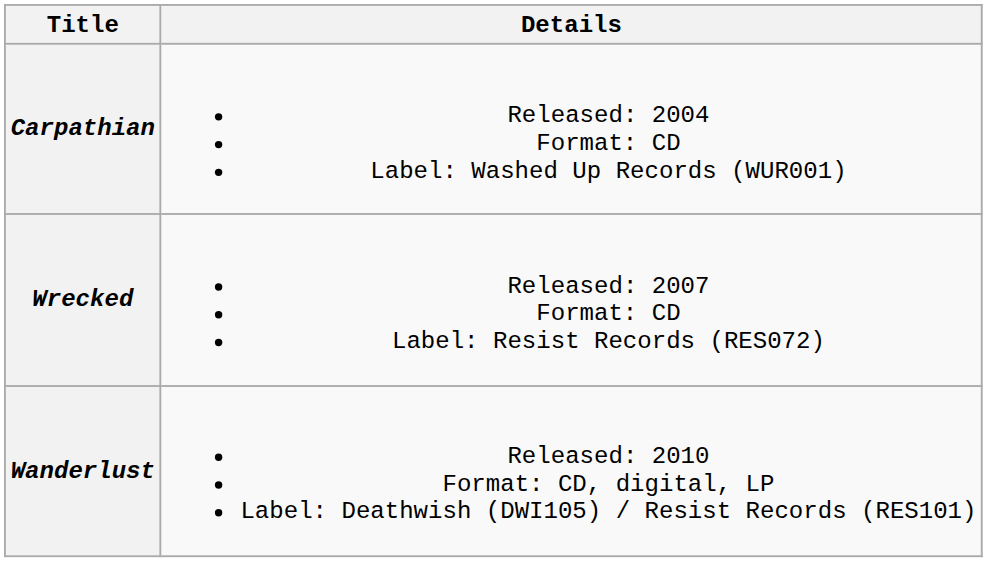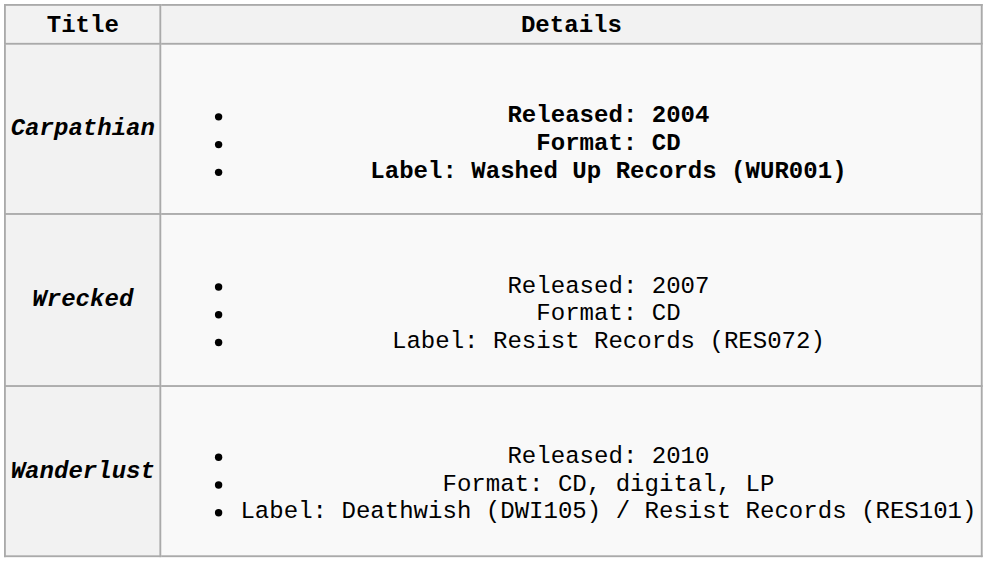 <table class="wikitable plainrowheaders" style="text-align:center;" border="1">
 <tr>
 <th>Title</th>
 <th>Details</th>
 </tr>
 <tr>
 <th scope="row"><em>Carpathian</em></th>
-<td><br><ul><li>Released: 2004</li><li>Format: CD</li><li>Label: Washed Up Records (WUR001)</li></ul></td>
+<td><strong><br><ul><li>Released: 2004</li><li>Format: CD</li><li>Label: Washed Up Records (WUR001)</li></ul></strong></td>
 </tr>
 <tr>
 <th scope="row"><em>Wrecked</em></th>
 <td><br><ul><li>Released: 2007</li><li>Format: CD</li><li>Label: Resist Records (RES072)</li></ul></td>
 </tr>
 <tr>
 <th scope="row"><em>Wanderlust</em></th>
 <td><br><ul><li>Released: 2010</li><li>Format: CD, digital, LP</li><li>Label: Deathwish (DWI105) / Resist Records (RES101)</li></ul></td>
 </tr>
 </table>
